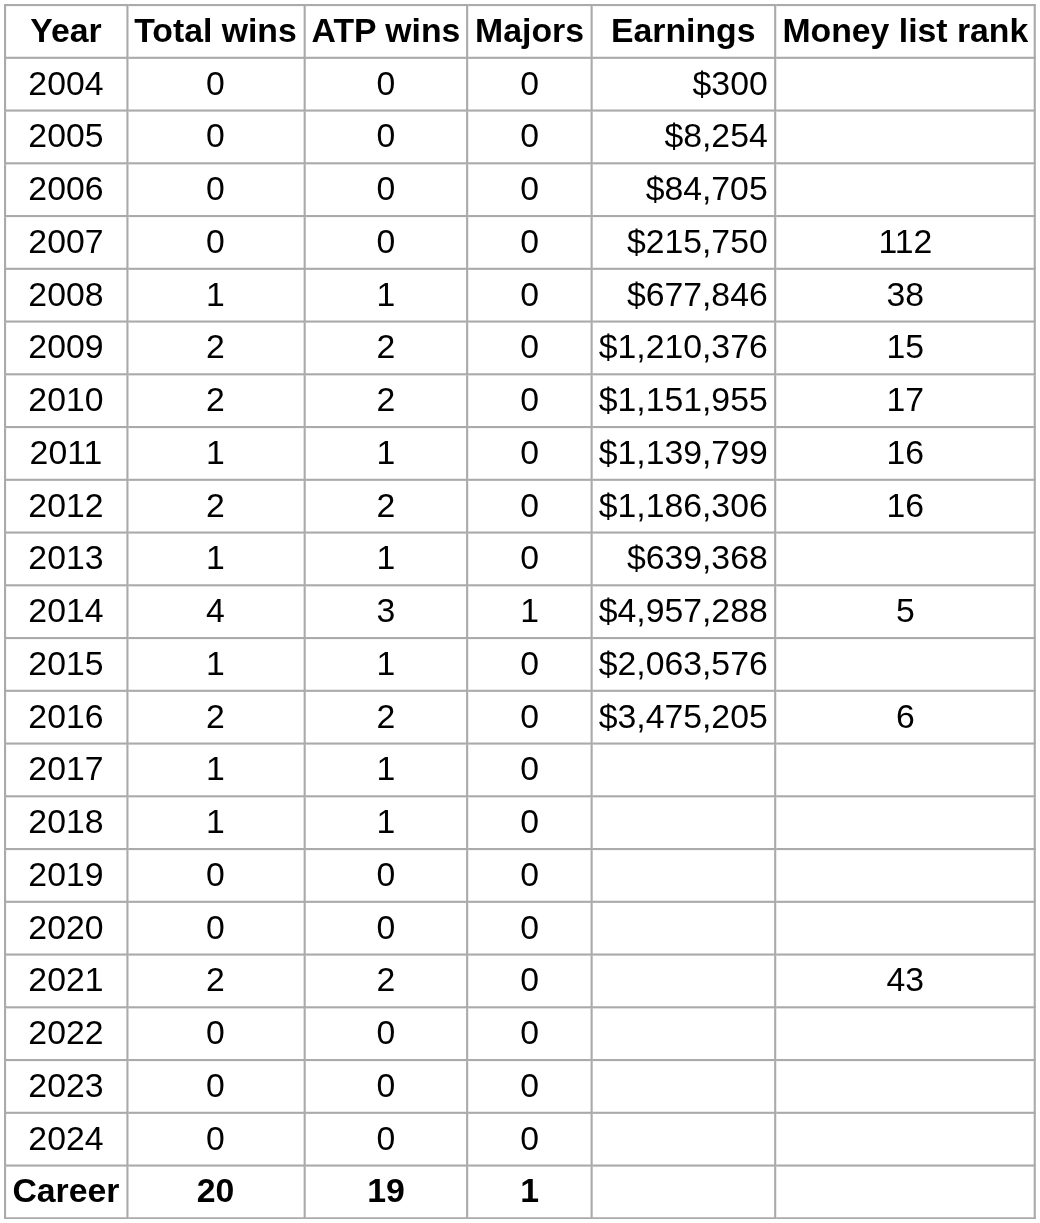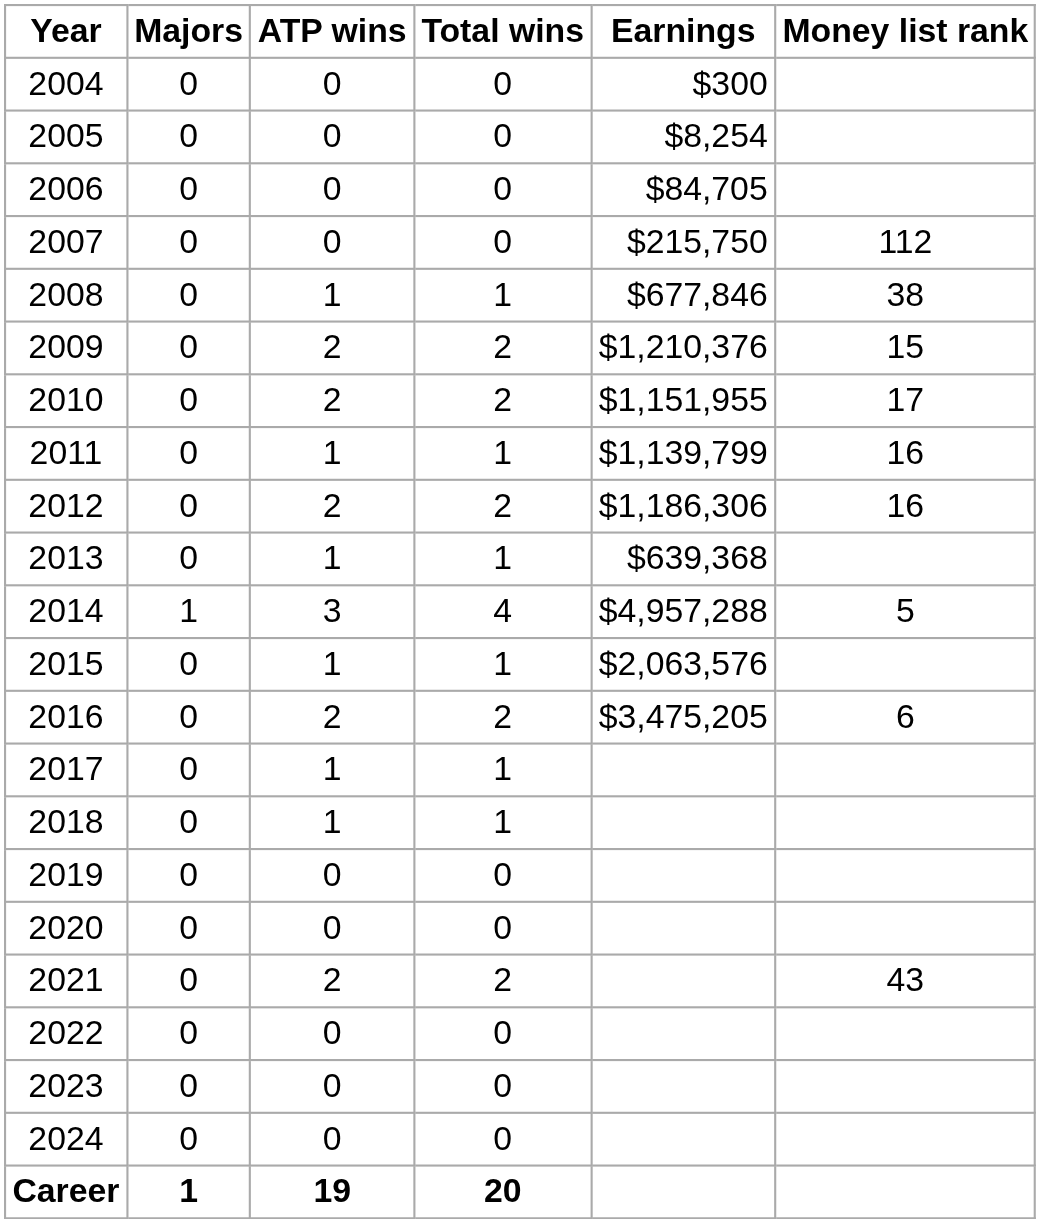 <table cellpadding=3 cellspacing=0 border=1 style=text-align:center;border:#aaa;solid:1;border-collapse:collapse;text-align:center>
 <tr>
 <th>Year</th>
+<th>Majors</th>
+<th>ATP wins</th>
 <th>Total wins</th>
-<th>ATP wins</th>
-<th>Majors</th>
 <th>Earnings</th>
 <th>Money list rank</th>
 </tr>
 <tr>
 <td>2004</td>
 <td>0</td>
 <td>0</td>
 <td>0</td>
 <td align=right>$300</td>
 <td></td>
 </tr>
 <tr>
 <td>2005</td>
 <td>0</td>
 <td>0</td>
 <td>0</td>
 <td align=right>$8,254</td>
 <td></td>
 </tr>
 <tr>
 <td>2006</td>
 <td>0</td>
 <td>0</td>
 <td>0</td>
 <td align=right>$84,705</td>
 <td></td>
 </tr>
 <tr>
 <td>2007</td>
 <td>0</td>
 <td>0</td>
 <td>0</td>
 <td align=right>$215,750</td>
 <td>112</td>
 </tr>
 <tr>
 <td>2008</td>
+<td>0</td>
 <td>1</td>
 <td>1</td>
-<td>0</td>
 <td align=right>$677,846</td>
 <td>38</td>
 </tr>
 <tr>
 <td>2009</td>
+<td>0</td>
 <td>2</td>
 <td>2</td>
-<td>0</td>
 <td align=right>$1,210,376</td>
 <td>15</td>
 </tr>
 <tr>
 <td>2010</td>
+<td>0</td>
 <td>2</td>
 <td>2</td>
-<td>0</td>
 <td align=right>$1,151,955</td>
 <td>17</td>
 </tr>
 <tr>
 <td>2011</td>
+<td>0</td>
 <td>1</td>
 <td>1</td>
-<td>0</td>
 <td align=right>$1,139,799</td>
 <td>16</td>
 </tr>
 <tr>
 <td>2012</td>
+<td>0</td>
 <td>2</td>
 <td>2</td>
-<td>0</td>
 <td align=right>$1,186,306</td>
 <td>16</td>
 </tr>
 <tr>
 <td>2013</td>
+<td>0</td>
 <td>1</td>
 <td>1</td>
-<td>0</td>
 <td align=right>$639,368</td>
 <td></td>
 </tr>
 <tr>
 <td>2014</td>
+<td>1</td>
+<td>3</td>
 <td>4</td>
-<td>3</td>
-<td>1</td>
 <td align=right>$4,957,288</td>
 <td>5</td>
 </tr>
 <tr>
 <td>2015</td>
+<td>0</td>
 <td>1</td>
 <td>1</td>
-<td>0</td>
 <td align=right>$2,063,576</td>
 <td></td>
 </tr>
 <tr>
 <td>2016</td>
+<td>0</td>
 <td>2</td>
 <td>2</td>
-<td>0</td>
 <td align=right>$3,475,205</td>
 <td>6 </td>
 </tr>
 <tr>
 <td>2017</td>
+<td>0</td>
 <td>1</td>
 <td>1</td>
-<td>0</td>
 <td></td>
 <td></td>
 </tr>
 <tr>
 <td>2018</td>
+<td>0</td>
 <td>1</td>
 <td>1</td>
-<td>0</td>
 <td></td>
 <td></td>
 </tr>
 <tr>
 <td>2019</td>
 <td>0</td>
 <td>0</td>
 <td>0</td>
 <td></td>
 <td></td>
 </tr>
 <tr>
 <td>2020</td>
 <td>0</td>
 <td>0</td>
 <td>0</td>
 <td></td>
 <td></td>
 </tr>
 <tr>
 <td>2021</td>
+<td>0</td>
 <td>2</td>
 <td>2</td>
-<td>0</td>
 <td></td>
 <td>43</td>
 </tr>
 <tr>
 <td>2022</td>
 <td>0</td>
 <td>0</td>
 <td>0</td>
 <td></td>
 <td></td>
 </tr>
 <tr>
 <td>2023</td>
 <td>0</td>
 <td>0</td>
 <td>0</td>
 <td></td>
 <td></td>
 </tr>
 <tr>
 <td>2024</td>
 <td>0</td>
 <td>0</td>
 <td>0</td>
 <td></td>
 <td></td>
 </tr>
 <tr>
 <th>Career</th>
+<th>1</th>
+<th>19</th>
 <th>20</th>
-<th>19</th>
-<th>1</th>
 <th></th>
 <th></th>
 </tr>
 </table>
